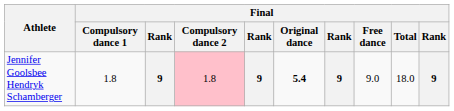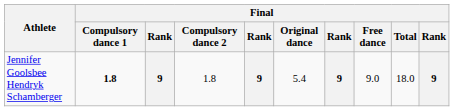 <table class="wikitable" style="font-size:90%">
 <tr>
 <th rowspan="2">Athlete</th>
 <th colspan="9">Final</th>
 </tr>
 <tr>
 <th>Compulsory dance 1</th>
 <th>Rank</th>
 <th>Compulsory dance 2</th>
 <th>Rank</th>
 <th>Original dance</th>
 <th>Rank</th>
 <th>Free dance</th>
 <th>Total</th>
 <th>Rank</th>
 </tr>
 <tr>
 <td><a href='#'>Jennifer Goolsbee</a><br><a href='#'>Hendryk Schamberger</a></td>
+<td align="center"><strong>1.8</strong></td>
+<th align="center">9</th>
 <td align="center">1.8</td>
 <th align="center">9</th>
-<td align="center" style="background: pink;">1.8</td>
-<th align="center">9</th>
-<td align="center"><strong>5.4</strong></td>
+<td align="center">5.4</td>
 <th align="center">9</th>
 <td align="center">9.0</td>
 <td align="center">18.0</td>
 <th align="center">9</th>
 </tr>
 </table>
